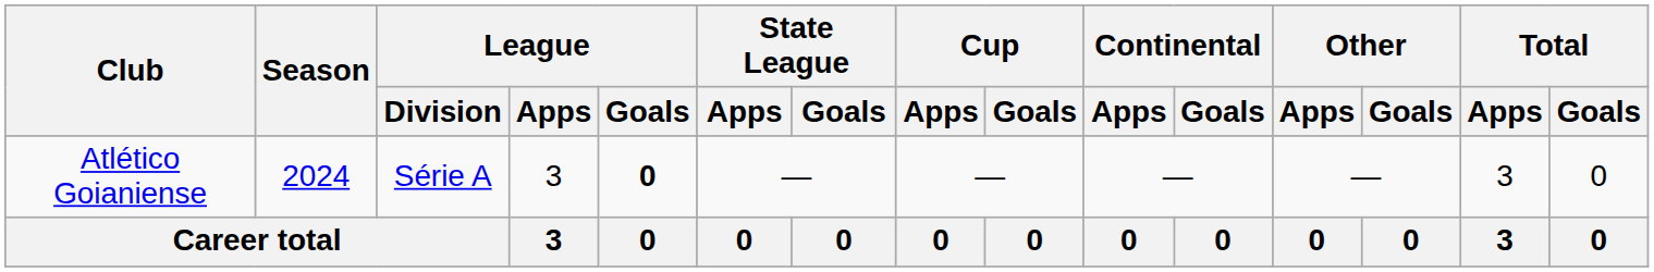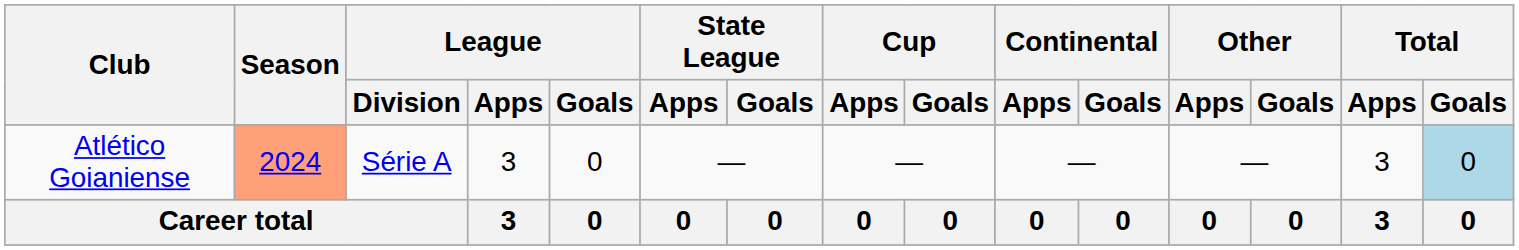 <table class="wikitable" style="text-align: center;">
 <tr>
 <th rowspan="2">Club</th>
 <th rowspan="2">Season</th>
 <th colspan="3">League</th>
 <th colspan="2">State League</th>
 <th colspan="2">Cup</th>
 <th colspan="2">Continental</th>
 <th colspan="2">Other</th>
 <th colspan="2">Total</th>
 </tr>
 <tr>
 <th>Division</th>
 <th>Apps</th>
 <th>Goals</th>
 <th>Apps</th>
 <th>Goals</th>
 <th>Apps</th>
 <th>Goals</th>
 <th>Apps</th>
 <th>Goals</th>
 <th>Apps</th>
 <th>Goals</th>
 <th>Apps</th>
 <th>Goals</th>
 </tr>
 <tr>
 <td valign="center"><a href='#'>Atlético Goianiense</a></td>
-<td><a href='#'>2024</a></td>
+<td style="background: lightsalmon;"><a href='#'>2024</a></td>
 <td><a href='#'>Série A</a></td>
 <td>3</td>
-<td><strong>0</strong></td>
+<td>0</td>
 <td colspan="2">—</td>
 <td colspan="2">—</td>
 <td colspan="2">—</td>
 <td colspan="2">—</td>
 <td>3</td>
-<td>0</td>
+<td style="background: lightblue;">0</td>
 </tr>
 <tr>
 <th colspan="3"><strong>Career total</strong></th>
 <th>3</th>
 <th>0</th>
 <th>0</th>
 <th>0</th>
 <th>0</th>
 <th>0</th>
 <th>0</th>
 <th>0</th>
 <th>0</th>
 <th>0</th>
 <th>3</th>
 <th>0</th>
 </tr>
 </table>
